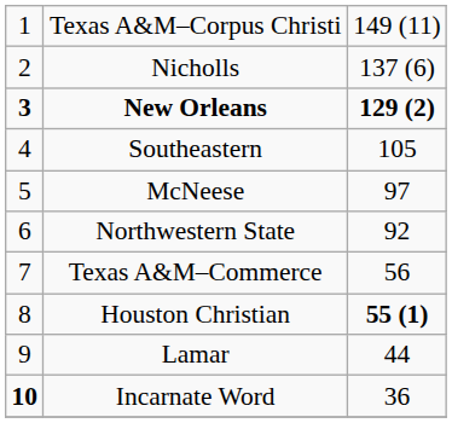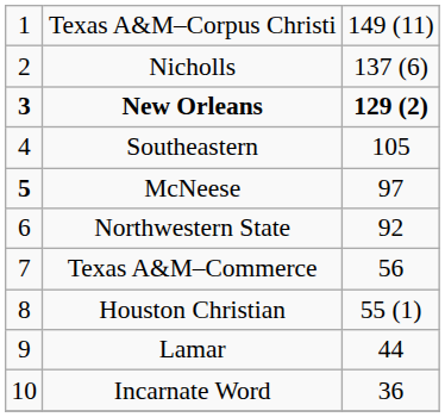 <table class="wikitable">
 <tr align="center">
 <td>1</td>
 <td>Texas A&M–Corpus Christi</td>
 <td>149 (11)</td>
 </tr>
 <tr align="center">
 <td>2</td>
 <td>Nicholls</td>
 <td>137 (6)</td>
 </tr>
 <tr align="center">
 <td><strong>3</strong></td>
 <td><strong>New Orleans</strong></td>
 <td><strong>129 (2)</strong></td>
 </tr>
 <tr align="center">
 <td>4</td>
 <td>Southeastern</td>
 <td>105</td>
 </tr>
 <tr align="center">
-<td>5</td>
+<td><strong>5</strong></td>
 <td>McNeese</td>
 <td>97</td>
 </tr>
 <tr align="center">
 <td>6</td>
 <td>Northwestern State</td>
 <td>92</td>
 </tr>
 <tr align="center">
 <td>7</td>
 <td>Texas A&M–Commerce</td>
 <td>56</td>
 </tr>
 <tr align="center">
 <td>8</td>
 <td>Houston Christian</td>
-<td><strong>55 (1)</strong></td>
+<td>55 (1)</td>
 </tr>
 <tr align="center">
 <td>9</td>
 <td>Lamar</td>
 <td>44</td>
 </tr>
 <tr align="center">
-<td><strong>10</strong></td>
+<td>10</td>
 <td>Incarnate Word</td>
 <td>36</td>
 </tr>
 <tr align="center">
 </tr>
 </table>
